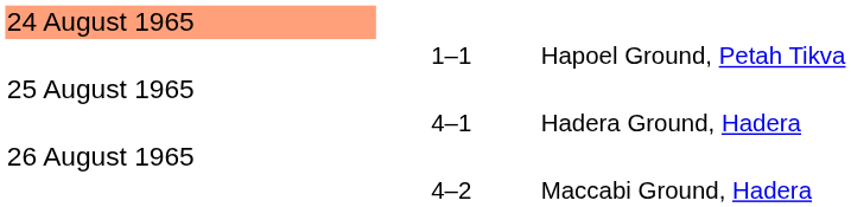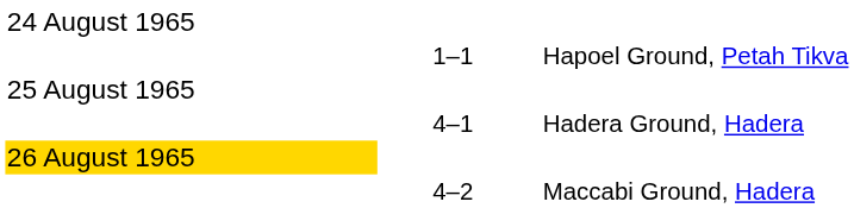 <table style="width:100%;" cellspacing="1">
 <tr>
 <th width=25%></th>
 <th width=10%></th>
 <th></th>
 </tr>
 <tr>
-<td style="background: lightsalmon;">24 August 1965</td>
+<td>24 August 1965</td>
 </tr>
 <tr style=font-size:90%>
 <td align=right></td>
 <td align=center>1–1</td>
 <td></td>
 <td>Hapoel Ground, <a href='#'>Petah Tikva</a></td>
 </tr>
 <tr>
 <td>25 August 1965</td>
 </tr>
 <tr style=font-size:90%>
 <td align=right></td>
 <td align=center>4–1</td>
 <td></td>
 <td>Hadera Ground, <a href='#'>Hadera</a></td>
 </tr>
 <tr>
-<td>26 August 1965</td>
+<td style="background: gold;">26 August 1965</td>
 </tr>
 <tr style=font-size:90%>
 <td align=right></td>
 <td align=center>4–2</td>
 <td></td>
 <td>Maccabi Ground, <a href='#'>Hadera</a></td>
 </tr>
 </table>
